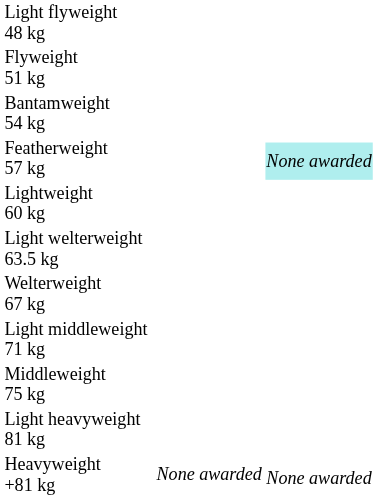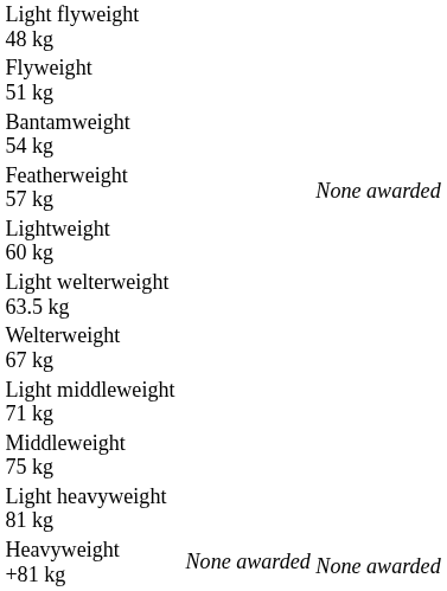 <table>
 <tr>
 <td rowspan=2>Light flyweight<br>48 kg</td>
 <td rowspan=2></td>
 <td rowspan=2></td>
 <td></td>
 </tr>
 <tr>
 <td></td>
 </tr>
 <tr>
 <td rowspan=2>Flyweight<br>51 kg</td>
 <td rowspan=2></td>
 <td rowspan=2></td>
 <td></td>
 </tr>
 <tr>
 <td></td>
 </tr>
 <tr>
 <td rowspan=2>Bantamweight<br>54 kg</td>
 <td rowspan=2></td>
 <td rowspan=2></td>
 <td></td>
 </tr>
 <tr>
 <td></td>
 </tr>
 <tr>
 <td rowspan=2>Featherweight<br>57 kg</td>
 <td rowspan=2></td>
 <td rowspan=2></td>
 <td></td>
 </tr>
 <tr>
-<td style="background: paleturquoise;"><em>None awarded</em></td>
+<td><em>None awarded</em></td>
 </tr>
 <tr>
 <td rowspan=2>Lightweight<br>60 kg</td>
 <td rowspan=2></td>
 <td rowspan=2></td>
 <td></td>
 </tr>
 <tr>
 <td></td>
 </tr>
 <tr>
 <td rowspan=2>Light welterweight<br>63.5 kg</td>
 <td rowspan=2></td>
 <td rowspan=2></td>
 <td></td>
 </tr>
 <tr>
 <td></td>
 </tr>
 <tr>
 <td rowspan=2>Welterweight<br>67 kg</td>
 <td rowspan=2></td>
 <td rowspan=2></td>
 <td></td>
 </tr>
 <tr>
 <td></td>
 </tr>
 <tr>
 <td rowspan=2>Light middleweight<br>71 kg</td>
 <td rowspan=2></td>
 <td rowspan=2></td>
 <td></td>
 </tr>
 <tr>
 <td></td>
 </tr>
 <tr>
 <td rowspan=2>Middleweight<br>75 kg</td>
 <td rowspan=2></td>
 <td rowspan=2></td>
 <td></td>
 </tr>
 <tr>
 <td></td>
 </tr>
 <tr>
 <td rowspan=2>Light heavyweight<br>81 kg</td>
 <td rowspan=2></td>
 <td rowspan=2></td>
 <td></td>
 </tr>
 <tr>
 <td></td>
 </tr>
 <tr>
 <td rowspan=2>Heavyweight<br>+81 kg</td>
 <td rowspan=2></td>
 <td rowspan=2><em>None awarded</em></td>
 <td></td>
 </tr>
 <tr>
 <td><em>None awarded</em></td>
 </tr>
 </table>
